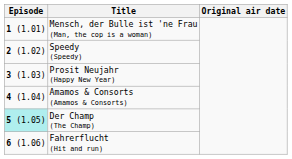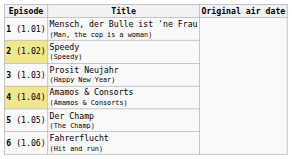 <table class="wikitable">
 <tr>
 <th>Episode</th>
 <th>Title</th>
 <th>Original air date</th>
 </tr>
 <tr>
 <td><strong>1</strong> (1.01)</td>
 <td>Mensch, der Bulle ist 'ne Frau<br><small>(Man, the cop is a woman)</small></td>
 </tr>
 <tr>
-<td><strong>2</strong> (1.02)</td>
+<td style="background: khaki;"><strong>2</strong> (1.02)</td>
 <td>Speedy<br><small>(Speedy)</small></td>
 </tr>
 <tr>
 <td><strong>3</strong> (1.03)</td>
 <td>Prosit Neujahr<br><small>(Happy New Year)</small></td>
 </tr>
 <tr>
-<td><strong>4</strong> (1.04)</td>
+<td style="background: khaki;"><strong>4</strong> (1.04)</td>
 <td>Amamos & Consorts<br><small>(Amamos & Consorts)</small></td>
 </tr>
 <tr>
-<td style="background: paleturquoise;"><strong>5</strong> (1.05)</td>
+<td><strong>5</strong> (1.05)</td>
 <td>Der Champ<br><small>(The Champ)</small></td>
 </tr>
 <tr>
 <td><strong>6</strong> (1.06)</td>
 <td>Fahrerflucht<br><small>(Hit and run)</small></td>
 </tr>
 </table>
